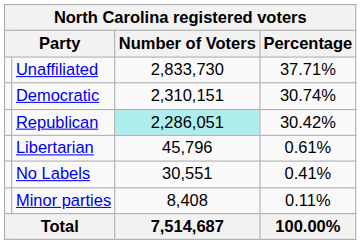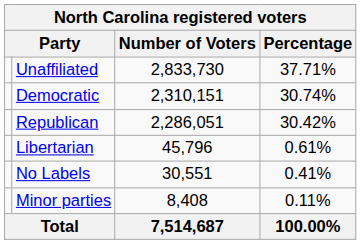 <table class="wikitable floatright">
 <tr>
 <th colspan = 4>North Carolina registered voters </th>
 </tr>
 <tr>
 <th colspan = 2>Party</th>
 <th>Number of Voters</th>
 <th>Percentage</th>
 </tr>
 <tr>
 <td></td>
 <td><a href='#'>Unaffiliated</a></td>
 <td style="text-align:center;">2,833,730</td>
 <td style="text-align:center;">37.71%</td>
 </tr>
 <tr>
 <td></td>
 <td><a href='#'>Democratic</a></td>
 <td style="text-align:center;">2,310,151</td>
 <td style="text-align:center;">30.74%</td>
 </tr>
 <tr>
 <td></td>
 <td><a href='#'>Republican</a></td>
-<td style="background: paleturquoise; text-align:center;">2,286,051</td>
+<td style="text-align:center;">2,286,051</td>
 <td style="text-align:center;">30.42%</td>
 </tr>
 <tr>
 <td></td>
 <td><a href='#'>Libertarian</a></td>
 <td style="text-align:center;">45,796</td>
 <td style="text-align:center;">0.61%</td>
 </tr>
 <tr>
 <td></td>
 <td><a href='#'>No Labels</a></td>
 <td style="text-align:center;">30,551</td>
 <td style="text-align:center;">0.41%</td>
 </tr>
 <tr>
 <td></td>
 <td><a href='#'>Minor parties</a></td>
 <td style="text-align:center;">8,408</td>
 <td style="text-align:center;">0.11%</td>
 </tr>
 <tr>
 <th colspan = 2>Total</th>
 <th style="text-align:center;">7,514,687</th>
 <th style="text-align:center;">100.00%</th>
 </tr>
 </table>
